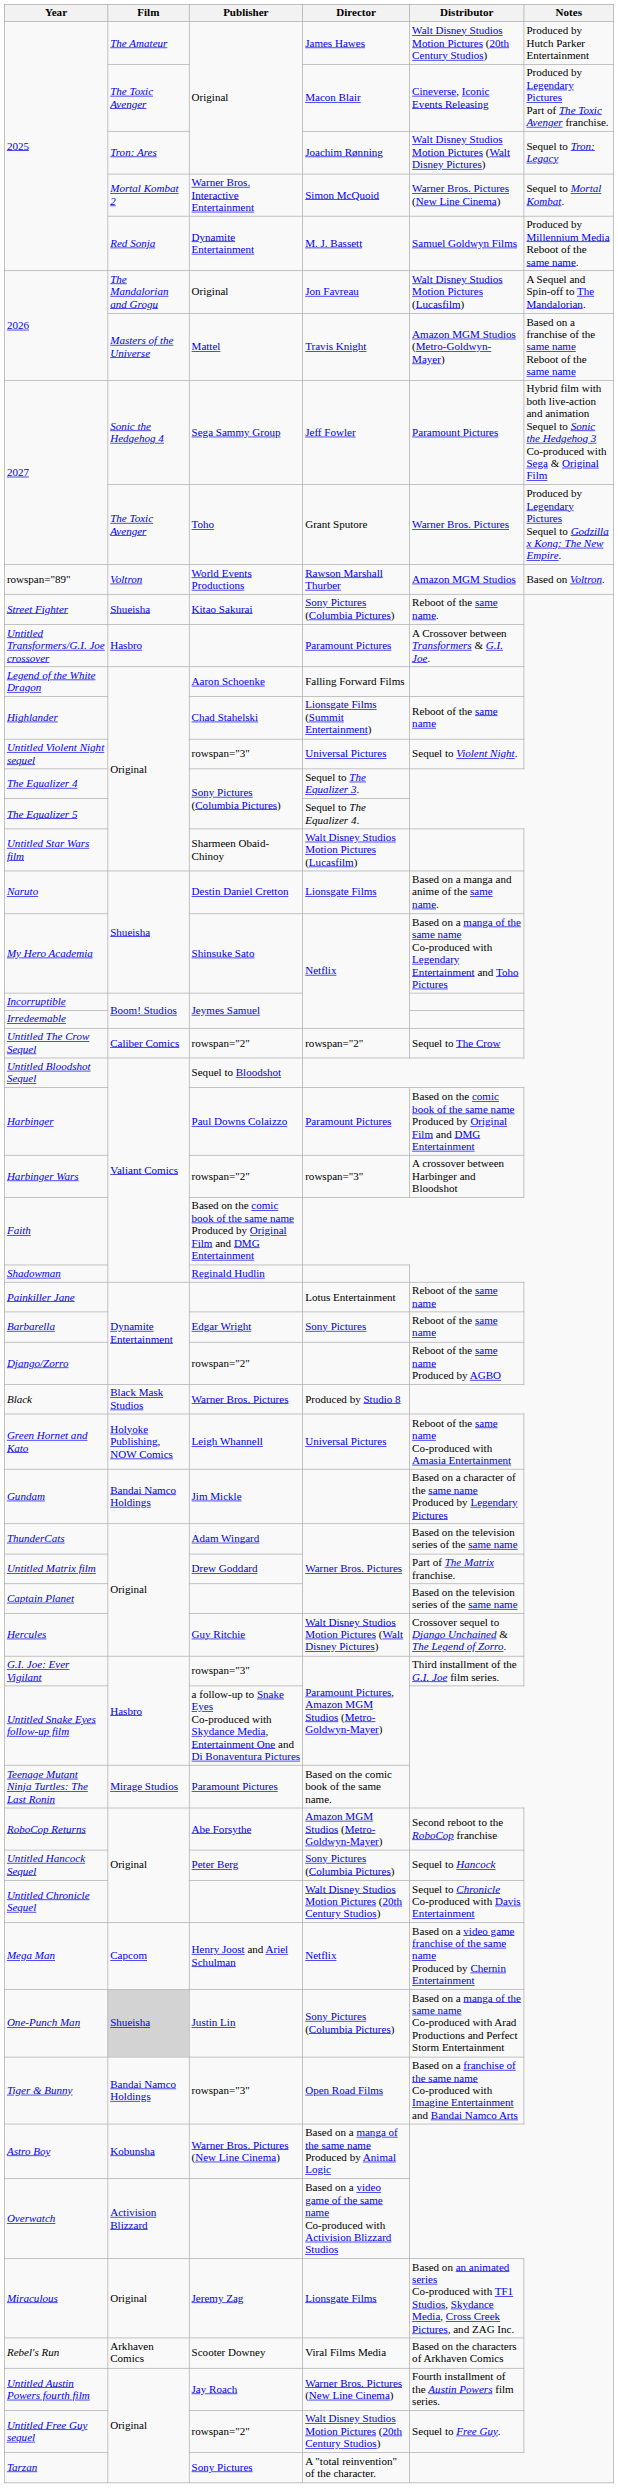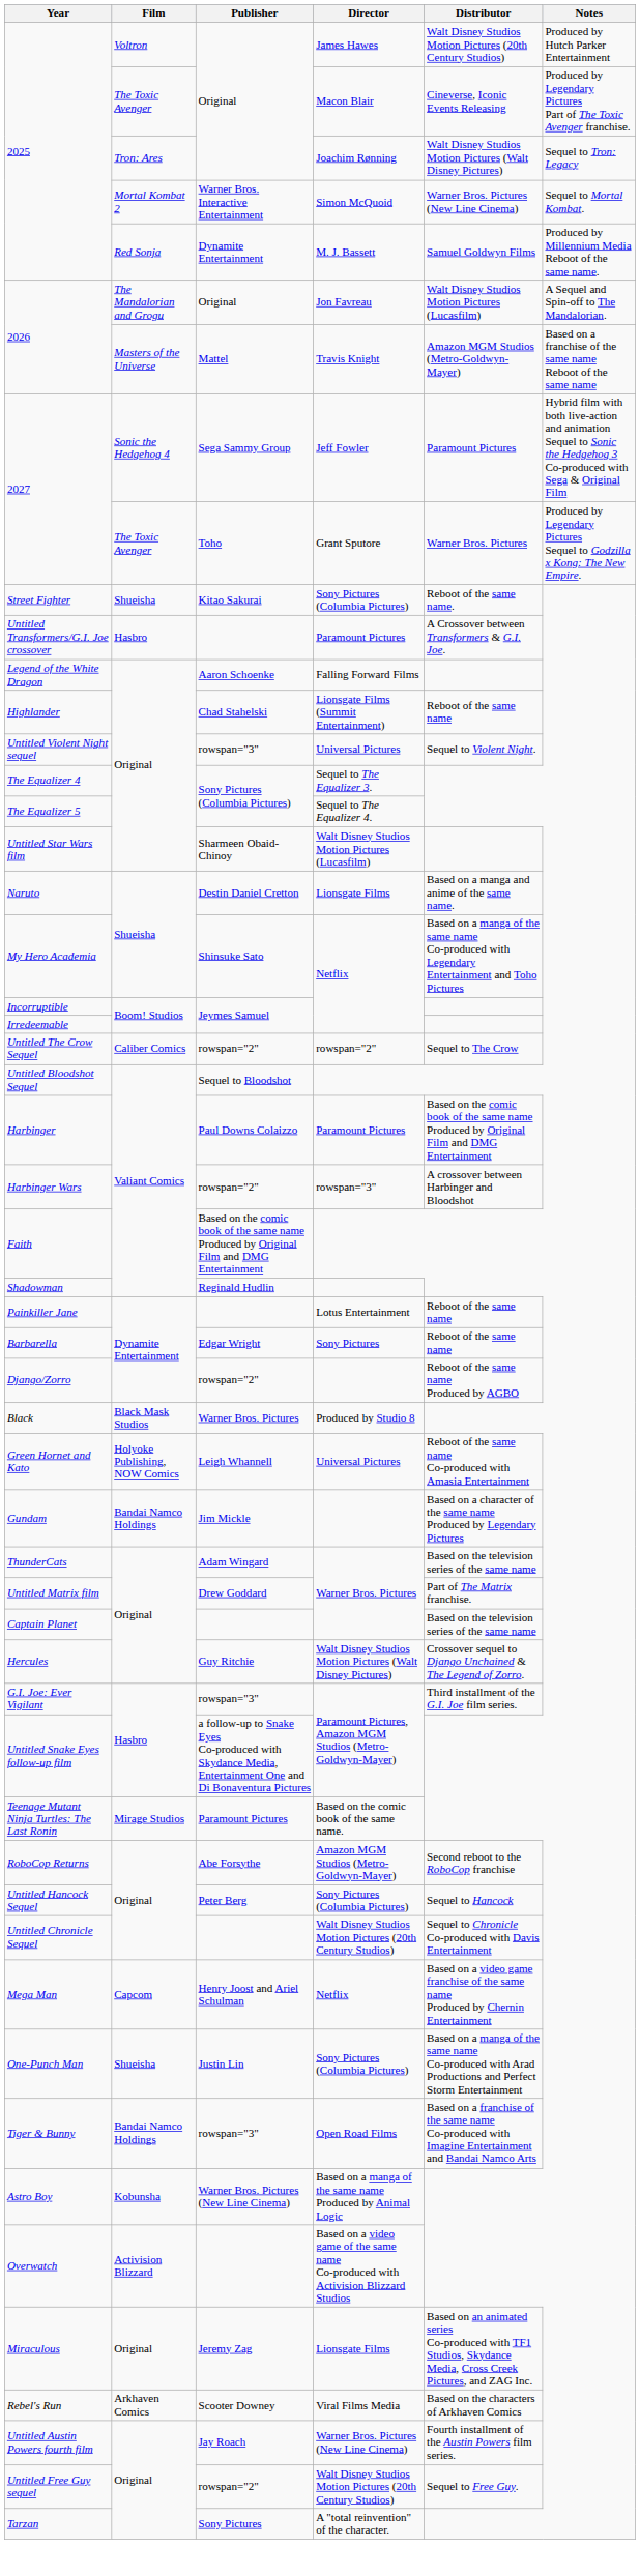 <table class="wikitable sortable"  style="margin:auto; margin:auto;">
 <tr bgcolor="#B0C4DE" align="center">
 <th>Year</th>
 <th>Film</th>
 <th>Publisher</th>
 <th>Director</th>
 <th>Distributor</th>
 <th>Notes</th>
 </tr>
 <tr>
 <td rowspan="5"><a href='#'>2025</a></td>
-<td><em><a href='#'>The Amateur</a></em></td>
+<td><em><a href='#'>Voltron</a></em></td>
 <td rowspan="3">Original</td>
 <td><a href='#'>James Hawes</a></td>
 <td><a href='#'>Walt Disney Studios Motion Pictures</a> (<a href='#'>20th Century Studios</a>)</td>
 <td>Produced by Hutch Parker Entertainment</td>
 </tr>
 <tr>
 <td><em><a href='#'>The Toxic Avenger</a></em></td>
 <td><a href='#'>Macon Blair</a></td>
 <td><a href='#'>Cineverse</a>, <a href='#'>Iconic Events Releasing</a></td>
 <td>Produced by <a href='#'>Legendary Pictures</a> <br> Part of <em><a href='#'>The Toxic Avenger</a></em> franchise.</td>
 </tr>
 <tr>
 <td><em><a href='#'>Tron: Ares</a></em></td>
 <td><a href='#'>Joachim Rønning</a></td>
 <td><a href='#'>Walt Disney Studios Motion Pictures</a> (<a href='#'>Walt Disney Pictures</a>)</td>
 <td>Sequel to <em><a href='#'>Tron: Legacy</a></em></td>
 </tr>
 <tr>
 <td><em><a href='#'>Mortal Kombat 2</a></em></td>
 <td><a href='#'>Warner Bros. Interactive Entertainment</a></td>
 <td><a href='#'>Simon McQuoid</a></td>
 <td><a href='#'>Warner Bros. Pictures</a> (<a href='#'>New Line Cinema</a>)</td>
 <td>Sequel to <a href='#'><em>Mortal Kombat</em></a>.</td>
 </tr>
 <tr>
 <td><em><a href='#'>Red Sonja</a></em></td>
 <td><a href='#'>Dynamite Entertainment</a></td>
 <td><a href='#'>M. J. Bassett</a></td>
 <td><a href='#'>Samuel Goldwyn Films</a></td>
 <td>Produced by <a href='#'>Millennium Media</a> <br> Reboot of the <a href='#'>same name</a>.</td>
 </tr>
 <tr>
 <td rowspan="2"><a href='#'>2026</a></td>
 <td><em><a href='#'>The Mandalorian and Grogu</a></em></td>
 <td>Original</td>
 <td><a href='#'>Jon Favreau</a></td>
 <td><a href='#'>Walt Disney Studios Motion Pictures</a> (<a href='#'>Lucasfilm</a>)</td>
 <td>A Sequel and Spin-off to <a href='#'>The Mandalorian</a>.</td>
 </tr>
 <tr>
 <td><em><a href='#'>Masters of the Universe</a></em></td>
 <td><a href='#'>Mattel</a></td>
 <td><a href='#'>Travis Knight</a></td>
 <td><a href='#'>Amazon MGM Studios</a> (<a href='#'>Metro-Goldwyn-Mayer</a>)</td>
 <td>Based on a franchise of the <a href='#'>same name</a><br>Reboot of the <a href='#'>same name</a></td>
 </tr>
 <tr>
 <td rowspan="2"><a href='#'>2027</a></td>
 <td><em><a href='#'>Sonic the Hedgehog 4</a></em></td>
 <td><a href='#'>Sega Sammy Group</a></td>
 <td><a href='#'>Jeff Fowler</a></td>
 <td><a href='#'>Paramount Pictures</a></td>
 <td>Hybrid film with both live-action and animation <br> Sequel to <a href='#'><em>Sonic the Hedgehog 3</em></a> <br> Co-produced with <a href='#'>Sega</a> & <a href='#'>Original Film</a></td>
 </tr>
 <tr>
 <td><em><a href='#'>The Toxic Avenger</a></em></td>
 <td><a href='#'>Toho</a></td>
 <td>Grant Sputore</td>
 <td><a href='#'>Warner Bros. Pictures</a></td>
 <td>Produced by <a href='#'>Legendary Pictures</a> <br> Sequel to <em><a href='#'>Godzilla x Kong: The New Empire</a></em>.</td>
-</tr>
-<tr>
-<td>rowspan="89" </td>
-<td><em><a href='#'>Voltron</a></em></td>
-<td><a href='#'>World Events Productions</a></td>
-<td><a href='#'>Rawson Marshall Thurber</a></td>
-<td><a href='#'>Amazon MGM Studios</a></td>
-<td>Based on <em><a href='#'>Voltron</a></em>.</td>
 </tr>
 <tr>
 <td><em><a href='#'>Street Fighter</a></em></td>
 <td><a href='#'>Shueisha</a></td>
 <td><a href='#'>Kitao Sakurai</a></td>
 <td><a href='#'>Sony Pictures</a> (<a href='#'>Columbia Pictures</a>)</td>
 <td>Reboot of the <a href='#'>same name</a>.</td>
 </tr>
 <tr>
 <td><em><a href='#'>Untitled Transformers/G.I. Joe crossover</a></em></td>
 <td><a href='#'>Hasbro</a></td>
 <td></td>
 <td><a href='#'>Paramount Pictures</a></td>
 <td>A Crossover between <em><a href='#'>Transformers</a></em> & <em><a href='#'>G.I. Joe</a></em>.</td>
 </tr>
 <tr>
 <td><em><a href='#'>Legend of the White Dragon</a></em></td>
 <td rowspan="6">Original</td>
 <td><a href='#'>Aaron Schoenke</a></td>
 <td>Falling Forward Films</td>
 <td></td>
 </tr>
 <tr>
 <td><em><a href='#'>Highlander</a></em></td>
 <td><a href='#'>Chad Stahelski</a></td>
 <td><a href='#'>Lionsgate Films</a> (<a href='#'>Summit Entertainment</a>)</td>
 <td>Reboot of the <a href='#'>same name</a></td>
 </tr>
 <tr>
 <td><em><a href='#'>Untitled Violent Night sequel</a></em></td>
 <td>rowspan="3" </td>
 <td><a href='#'>Universal Pictures</a></td>
 <td>Sequel to <em><a href='#'>Violent Night</a></em>.</td>
 </tr>
 <tr>
 <td><em><a href='#'>The Equalizer 4</a></em></td>
 <td rowspan="2"><a href='#'>Sony Pictures</a> (<a href='#'>Columbia Pictures</a>)</td>
 <td>Sequel to <em><a href='#'>The Equalizer 3</a></em>.</td>
 </tr>
 <tr>
 <td><em><a href='#'>The Equalizer 5</a></em></td>
 <td>Sequel to <em>The Equalizer 4</em>.</td>
 </tr>
 <tr>
 <td><em><a href='#'>Untitled Star Wars film</a></em></td>
 <td>Sharmeen Obaid-Chinoy</td>
 <td><a href='#'>Walt Disney Studios Motion Pictures</a> (<a href='#'>Lucasfilm</a>)</td>
 <td></td>
 </tr>
 <tr>
 <td><em><a href='#'>Naruto</a></em></td>
 <td rowspan="2"><a href='#'>Shueisha</a></td>
 <td><a href='#'>Destin Daniel Cretton</a></td>
 <td><a href='#'>Lionsgate Films</a></td>
 <td>Based on a manga and anime of the <a href='#'>same name</a>.</td>
 </tr>
 <tr>
 <td><em><a href='#'>My Hero Academia</a></em></td>
 <td><a href='#'>Shinsuke Sato</a></td>
 <td rowspan="3"><a href='#'>Netflix</a></td>
 <td>Based on a <a href='#'>manga of the same name</a> <br> Co-produced with <a href='#'>Legendary Entertainment</a> and <a href='#'>Toho Pictures</a></td>
 </tr>
 <tr>
 <td><em><a href='#'>Incorruptible</a></em></td>
 <td rowspan="2"><a href='#'>Boom! Studios</a></td>
 <td rowspan="2"><a href='#'>Jeymes Samuel</a></td>
 <td></td>
 </tr>
 <tr>
 <td><em><a href='#'>Irredeemable</a></em></td>
 <td></td>
 </tr>
 <tr>
 <td><em><a href='#'>Untitled The Crow Sequel</a></em></td>
 <td><a href='#'>Caliber Comics</a></td>
 <td>rowspan="2" </td>
 <td>rowspan="2" </td>
 <td>Sequel to <a href='#'>The Crow</a></td>
 </tr>
 <tr>
 <td><em><a href='#'>Untitled Bloodshot Sequel</a></em></td>
 <td rowspan="5"><a href='#'>Valiant Comics</a></td>
 <td>Sequel to <a href='#'>Bloodshot</a></td>
 </tr>
 <tr>
 <td><em><a href='#'>Harbinger</a></em></td>
 <td><a href='#'>Paul Downs Colaizzo</a></td>
 <td><a href='#'>Paramount Pictures</a></td>
 <td>Based on the <a href='#'>comic book of the same name</a> <br> Produced by <a href='#'>Original Film</a> and <a href='#'>DMG Entertainment</a></td>
 </tr>
 <tr>
 <td><em><a href='#'>Harbinger Wars</a></em></td>
 <td>rowspan="2" </td>
 <td>rowspan="3" </td>
 <td>A crossover between Harbinger and Bloodshot</td>
 </tr>
 <tr>
 <td><em><a href='#'>Faith</a></em></td>
 <td>Based on the <a href='#'>comic book of the same name</a> <br> Produced by <a href='#'>Original Film</a> and <a href='#'>DMG Entertainment</a></td>
 </tr>
 <tr>
 <td><em><a href='#'>Shadowman</a></em></td>
 <td><a href='#'>Reginald Hudlin</a></td>
 <td></td>
 </tr>
 <tr>
 <td><em><a href='#'>Painkiller Jane</a></em></td>
 <td rowspan="3"><a href='#'>Dynamite Entertainment</a></td>
 <td></td>
 <td>Lotus Entertainment</td>
 <td>Reboot of the <a href='#'>same name</a></td>
 </tr>
 <tr>
 <td><em><a href='#'>Barbarella</a></em></td>
 <td><a href='#'>Edgar Wright</a></td>
 <td><a href='#'>Sony Pictures</a></td>
 <td>Reboot of the <a href='#'>same name</a></td>
 </tr>
 <tr>
 <td><em><a href='#'>Django/Zorro</a></em></td>
 <td>rowspan="2" </td>
 <td></td>
 <td>Reboot of the <a href='#'>same name</a> <br> Produced by <a href='#'>AGBO</a></td>
 </tr>
 <tr>
 <td><em>Black</em></td>
 <td><a href='#'>Black Mask Studios</a></td>
 <td><a href='#'>Warner Bros. Pictures</a></td>
 <td>Produced by <a href='#'>Studio 8</a></td>
 </tr>
 <tr>
 <td><em><a href='#'>Green Hornet and Kato</a></em></td>
 <td><a href='#'>Holyoke Publishing</a>, <a href='#'>NOW Comics</a></td>
 <td><a href='#'>Leigh Whannell</a></td>
 <td><a href='#'>Universal Pictures</a></td>
 <td>Reboot of the <a href='#'>same name</a> <br> Co-produced with <a href='#'>Amasia Entertainment</a></td>
 </tr>
 <tr>
 <td><em><a href='#'>Gundam</a></em></td>
 <td><a href='#'>Bandai Namco Holdings</a></td>
 <td><a href='#'>Jim Mickle</a></td>
 <td></td>
 <td>Based on a character of the <a href='#'>same name</a> <br> Produced by <a href='#'>Legendary Pictures</a></td>
 </tr>
 <tr>
 <td><em><a href='#'>ThunderCats</a></em></td>
 <td rowspan="4">Original</td>
 <td><a href='#'>Adam Wingard</a></td>
 <td rowspan="3"><a href='#'>Warner Bros. Pictures</a></td>
 <td>Based on the television series of the <a href='#'>same name</a></td>
 </tr>
 <tr>
 <td><em><a href='#'>Untitled Matrix film</a></em></td>
 <td><a href='#'>Drew Goddard</a></td>
 <td>Part of <em><a href='#'>The Matrix</a></em> franchise.</td>
 </tr>
 <tr>
 <td><em><a href='#'>Captain Planet</a></em></td>
 <td></td>
 <td>Based on the television series of the <a href='#'>same name</a></td>
 </tr>
 <tr>
 <td><em><a href='#'>Hercules</a></em></td>
 <td><a href='#'>Guy Ritchie</a></td>
 <td><a href='#'>Walt Disney Studios Motion Pictures</a> (<a href='#'>Walt Disney Pictures</a>)</td>
 <td>Crossover sequel to <em><a href='#'>Django Unchained</a></em> & <em><a href='#'>The Legend of Zorro</a></em>.</td>
 </tr>
 <tr>
 <td><em><a href='#'>G.I. Joe: Ever Vigilant</a></em></td>
 <td rowspan="2"><a href='#'>Hasbro</a></td>
 <td>rowspan="3" </td>
 <td rowspan="2"><a href='#'>Paramount Pictures</a>, <a href='#'>Amazon MGM Studios</a> (<a href='#'>Metro-Goldwyn-Mayer</a>)</td>
 <td>Third installment of the <em><a href='#'>G.I. Joe</a></em> film series.</td>
 </tr>
 <tr>
 <td><em><a href='#'>Untitled Snake Eyes follow-up film</a></em></td>
 <td>a follow-up to <a href='#'>Snake Eyes</a> <br> Co-produced with <a href='#'>Skydance Media</a>, <a href='#'>Entertainment One</a> and <a href='#'>Di Bonaventura Pictures</a></td>
 </tr>
 <tr>
 <td><em><a href='#'>Teenage Mutant Ninja Turtles: The Last Ronin</a></em></td>
 <td><a href='#'>Mirage Studios</a></td>
 <td><a href='#'>Paramount Pictures</a></td>
 <td>Based on the comic book of the same name.</td>
 </tr>
 <tr>
 <td><em><a href='#'>RoboCop Returns</a></em></td>
 <td rowspan="3">Original</td>
 <td><a href='#'>Abe Forsythe</a></td>
 <td><a href='#'>Amazon MGM Studios</a> (<a href='#'>Metro-Goldwyn-Mayer</a>)</td>
 <td>Second reboot to the <em><a href='#'>RoboCop</a></em> franchise</td>
 </tr>
 <tr>
 <td><em><a href='#'>Untitled Hancock Sequel</a></em></td>
 <td><a href='#'>Peter Berg</a></td>
 <td><a href='#'>Sony Pictures</a> (<a href='#'>Columbia Pictures</a>)</td>
 <td>Sequel to <em><a href='#'>Hancock</a></em></td>
 </tr>
 <tr>
 <td><em><a href='#'>Untitled Chronicle Sequel</a></em></td>
 <td></td>
 <td><a href='#'>Walt Disney Studios Motion Pictures</a> (<a href='#'>20th Century Studios</a>)</td>
 <td>Sequel to <em><a href='#'>Chronicle</a></em> <br> Co-produced with <a href='#'>Davis Entertainment</a></td>
 </tr>
 <tr>
 <td><em><a href='#'>Mega Man</a></em></td>
 <td><a href='#'>Capcom</a></td>
 <td><a href='#'>Henry Joost</a> and <a href='#'>Ariel Schulman</a></td>
 <td><a href='#'>Netflix</a></td>
 <td>Based on a <a href='#'>video game franchise of the same name</a> <br> Produced by <a href='#'>Chernin Entertainment</a></td>
 </tr>
 <tr>
 <td><em><a href='#'>One-Punch Man</a></em></td>
-<td style="background: lightgrey;"><a href='#'>Shueisha</a></td>
+<td><a href='#'>Shueisha</a></td>
 <td><a href='#'>Justin Lin</a></td>
 <td><a href='#'>Sony Pictures</a> (<a href='#'>Columbia Pictures</a>)</td>
 <td>Based on a <a href='#'>manga of the same name</a><br> Co-produced with Arad Productions and Perfect Storm Entertainment</td>
 </tr>
 <tr>
 <td><em><a href='#'>Tiger & Bunny</a></em></td>
 <td><a href='#'>Bandai Namco Holdings</a></td>
 <td>rowspan="3" </td>
 <td><a href='#'>Open Road Films</a></td>
 <td>Based on a <a href='#'>franchise of the same name</a> <br> Co-produced with <a href='#'>Imagine Entertainment</a> and <a href='#'>Bandai Namco Arts</a></td>
 </tr>
 <tr>
 <td><em><a href='#'>Astro Boy</a></em></td>
 <td><a href='#'>Kobunsha</a></td>
 <td><a href='#'>Warner Bros. Pictures</a> (<a href='#'>New Line Cinema</a>)</td>
 <td>Based on a <a href='#'>manga of the same name</a> <br> Produced by <a href='#'>Animal Logic</a></td>
 </tr>
 <tr>
 <td><em><a href='#'>Overwatch</a></em></td>
 <td><a href='#'>Activision Blizzard</a></td>
 <td></td>
 <td>Based on a <a href='#'>video game of the same name</a> <br> Co-produced with <a href='#'>Activision Blizzard Studios</a></td>
 </tr>
 <tr>
 <td><em><a href='#'>Miraculous</a></em></td>
 <td>Original</td>
 <td><a href='#'>Jeremy Zag</a></td>
 <td><a href='#'>Lionsgate Films</a></td>
 <td>Based on <a href='#'>an animated series</a> <br> Co-produced with <a href='#'>TF1 Studios</a>, <a href='#'>Skydance Media</a>, <a href='#'>Cross Creek Pictures</a>, and ZAG Inc.</td>
 </tr>
 <tr>
 <td><em>Rebel's Run</em></td>
 <td>Arkhaven Comics</td>
 <td>Scooter Downey</td>
 <td>Viral Films Media</td>
 <td>Based on the characters of Arkhaven Comics</td>
 </tr>
 <tr>
 <td><em><a href='#'>Untitled Austin Powers fourth film</a></em></td>
 <td rowspan="3">Original</td>
 <td><a href='#'>Jay Roach</a></td>
 <td><a href='#'>Warner Bros. Pictures</a> (<a href='#'>New Line Cinema</a>)</td>
 <td>Fourth installment of the <em><a href='#'>Austin Powers</a></em> film series.</td>
 </tr>
 <tr>
 <td><em><a href='#'>Untitled Free Guy sequel</a></em></td>
 <td>rowspan="2" </td>
 <td><a href='#'>Walt Disney Studios Motion Pictures</a> (<a href='#'>20th Century Studios</a>)</td>
 <td>Sequel to <em><a href='#'>Free Guy</a></em>.</td>
 </tr>
 <tr>
 <td><em><a href='#'>Tarzan</a></em></td>
 <td><a href='#'>Sony Pictures</a></td>
 <td>A "total reinvention" of the character.</td>
 </tr>
 </table>
